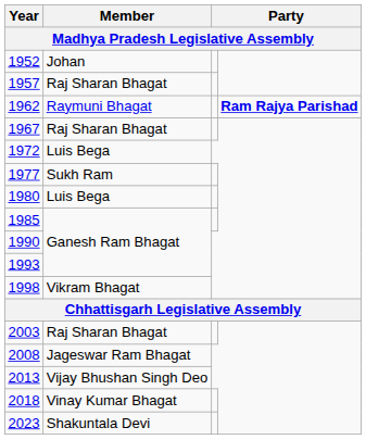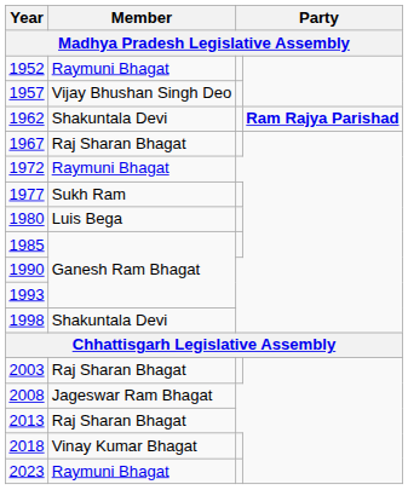 <table class="wikitable">
 <tr>
 <th>Year</th>
 <th>Member</th>
 <th colspan="2">Party</th>
 </tr>
 <tr>
 <th colspan=4><a href='#'>Madhya Pradesh Legislative Assembly</a></th>
 </tr>
 <tr>
 <td><a href='#'>1952</a></td>
-<td>Johan</td>
+<td><a href='#'>Raymuni Bhagat</a></td>
 <td></td>
 </tr>
 <tr>
 <td><a href='#'>1957</a></td>
-<td>Raj Sharan Bhagat</td>
+<td>Vijay Bhushan Singh Deo</td>
 <td></td>
 </tr>
 <tr>
 <td><a href='#'>1962</a></td>
-<td><a href='#'>Raymuni Bhagat</a></td>
+<td>Shakuntala Devi</td>
 <td style="background-color: "></td>
 <td><strong><a href='#'>Ram Rajya Parishad</a></strong></td>
 </tr>
 <tr>
 <td><a href='#'>1967</a></td>
 <td>Raj Sharan Bhagat</td>
 <td></td>
 </tr>
 <tr>
 <td><a href='#'>1972</a></td>
-<td>Luis Bega</td>
+<td><a href='#'>Raymuni Bhagat</a></td>
 </tr>
 <tr>
 <td><a href='#'>1977</a></td>
 <td>Sukh Ram</td>
 <td></td>
 </tr>
 <tr>
 <td><a href='#'>1980</a></td>
 <td>Luis Bega</td>
 <td></td>
 </tr>
 <tr>
 <td><a href='#'>1985</a></td>
 <td rowspan="3">Ganesh Ram Bhagat</td>
 <td></td>
 </tr>
 <tr>
 <td><a href='#'>1990</a></td>
 </tr>
 <tr>
 <td><a href='#'>1993</a></td>
 </tr>
 <tr>
 <td><a href='#'>1998</a></td>
-<td>Vikram Bhagat</td>
+<td>Shakuntala Devi</td>
 </tr>
 <tr>
 <th colspan=4><a href='#'>Chhattisgarh Legislative Assembly</a></th>
 </tr>
 <tr>
 <td><a href='#'>2003</a></td>
 <td>Raj Sharan Bhagat</td>
 <td></td>
 </tr>
 <tr>
 <td><a href='#'>2008</a></td>
 <td>Jageswar Ram Bhagat</td>
 </tr>
 <tr>
 <td><a href='#'>2013</a></td>
-<td>Vijay Bhushan Singh Deo</td>
+<td>Raj Sharan Bhagat</td>
 </tr>
 <tr>
 <td><a href='#'>2018</a></td>
 <td>Vinay Kumar Bhagat</td>
 <td></td>
 </tr>
 <tr>
 <td><a href='#'>2023</a></td>
-<td>Shakuntala Devi</td>
+<td><a href='#'>Raymuni Bhagat</a></td>
 <td></td>
 </tr>
 </table>
